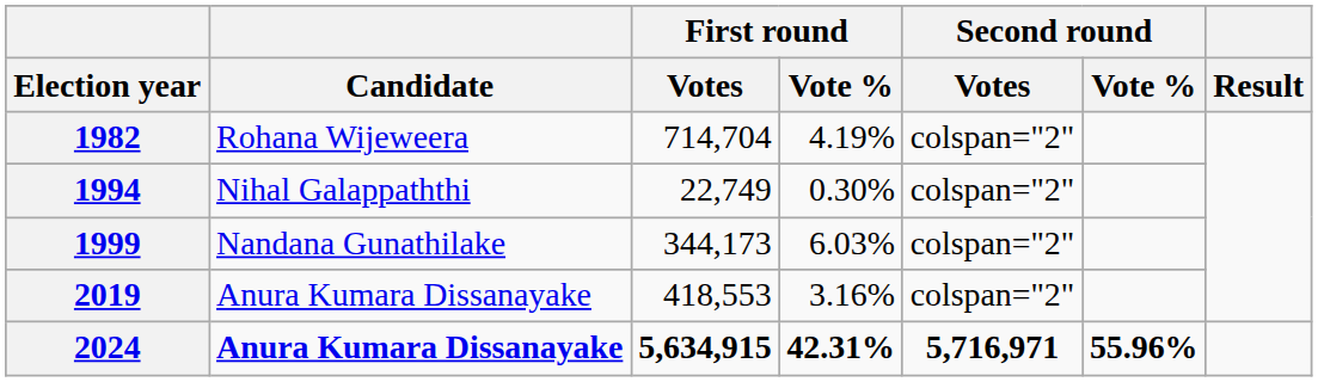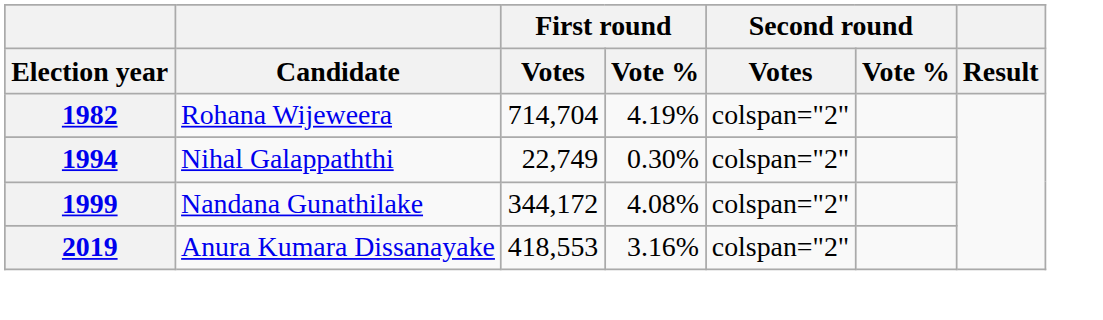 <table class="wikitable">
 <tr>
 <th></th>
 <th></th>
 <th colspan="2"><strong>First round</strong></th>
 <th colspan="2"><strong>Second round</strong></th>
 <th></th>
 </tr>
 <tr>
 <th>Election year</th>
 <th>Candidate</th>
 <th>Votes</th>
 <th>Vote %</th>
 <th>Votes</th>
 <th>Vote %</th>
 <th>Result</th>
 </tr>
 <tr>
 <th><a href='#'>1982</a></th>
 <td><a href='#'>Rohana Wijeweera</a></td>
 <td align=right>714,704</td>
 <td align=right>4.19%</td>
 <td>colspan="2" </td>
 <td></td>
 </tr>
 <tr>
 <th><a href='#'>1994</a></th>
 <td><a href='#'>Nihal Galappaththi</a></td>
 <td align=right>22,749</td>
 <td align=right>0.30%</td>
 <td>colspan="2" </td>
 <td></td>
 </tr>
 <tr>
 <th><a href='#'>1999</a></th>
 <td><a href='#'>Nandana Gunathilake</a></td>
-<td align=right>344,173</td>
-<td align=right>6.03%</td>
+<td align=right>344,172</td>
+<td align=right>4.08%</td>
 <td>colspan="2" </td>
 <td></td>
 </tr>
 <tr>
 <th><a href='#'>2019</a></th>
 <td><a href='#'>Anura Kumara Dissanayake</a></td>
 <td align=right>418,553</td>
 <td align=right>3.16%</td>
 <td>colspan="2" </td>
 <td></td>
 </tr>
-<tr>
-<th><a href='#'>2024</a></th>
-<td><strong><a href='#'>Anura Kumara Dissanayake</a></strong></td>
-<td align="center"><strong>5,634,915</strong></td>
-<td align="center"><strong>42.31%</strong></td>
-<td align="center"><strong>5,716,971</strong></td>
-<td align="center"><strong>55.96%</strong></td>
-<td></td>
-</tr>
 </table>
